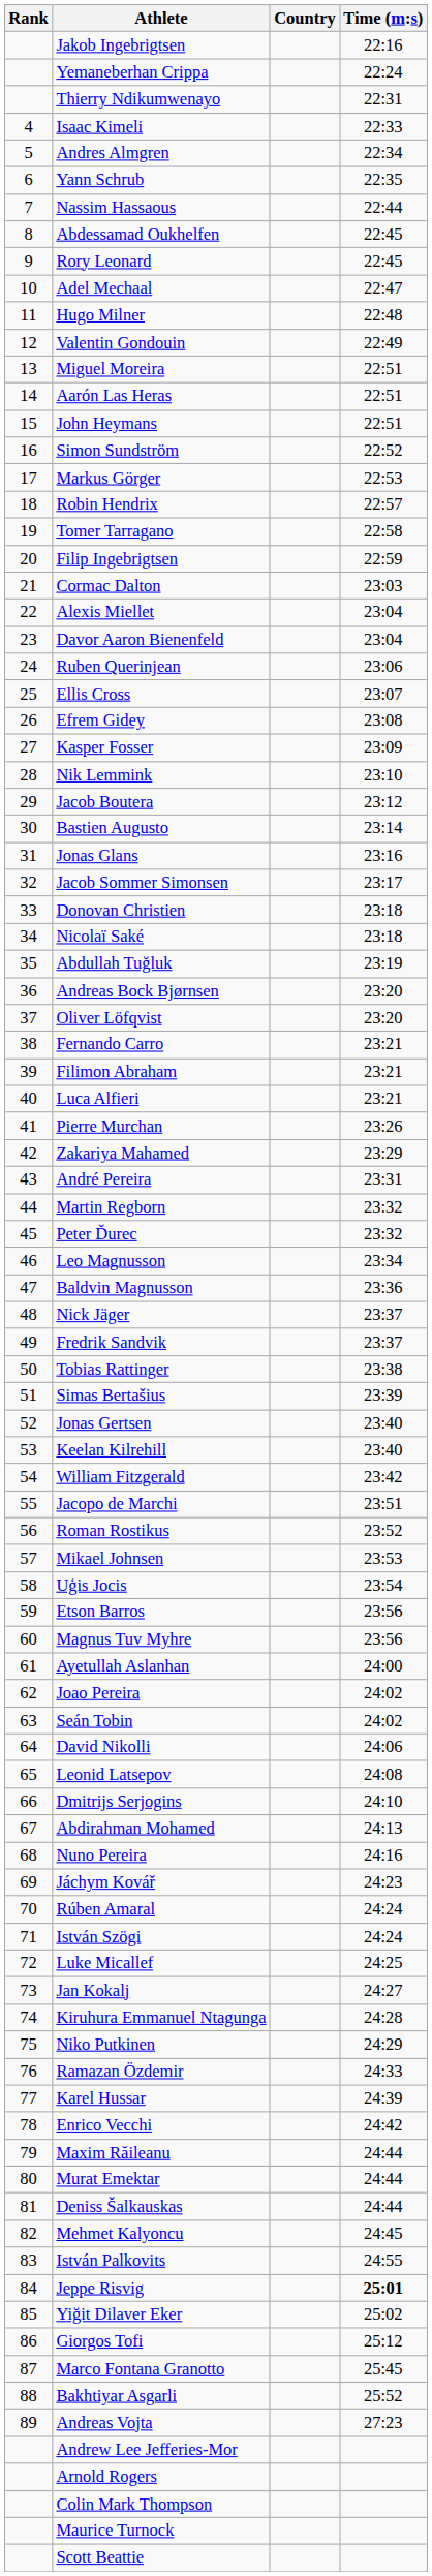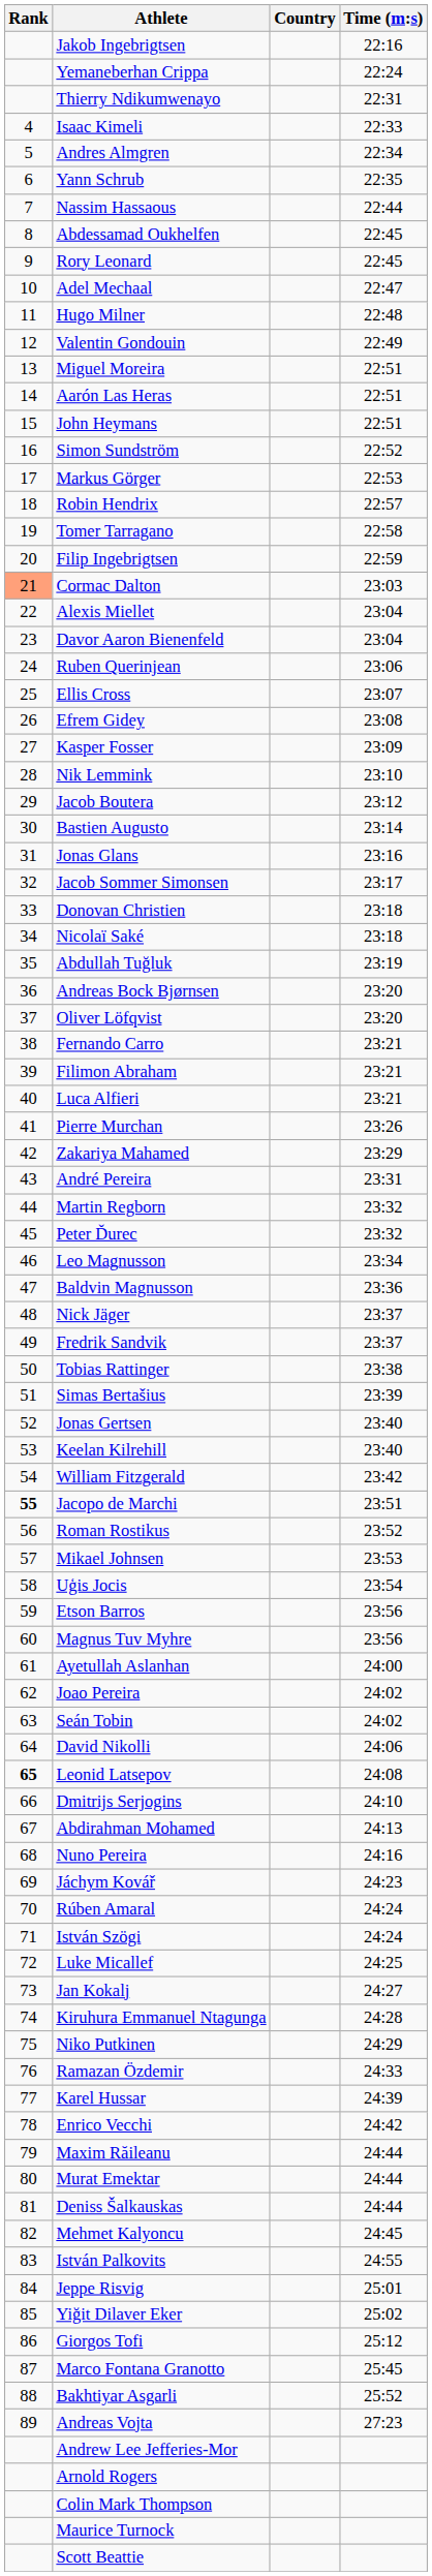 <table class="wikitable sortable" style="text-align:center">
 <tr>
 <th>Rank</th>
 <th>Athlete</th>
 <th>Country</th>
 <th>Time (<a href='#'>m</a>:<a href='#'>s</a>)</th>
 </tr>
 <tr>
 <td></td>
 <td align=left><a href='#'>Jakob Ingebrigtsen</a></td>
 <td align=left></td>
 <td>22:16</td>
 </tr>
 <tr>
 <td></td>
 <td align=left><a href='#'>Yemaneberhan Crippa</a></td>
 <td align=left></td>
 <td>22:24</td>
 </tr>
 <tr>
 <td></td>
 <td align=left><a href='#'>Thierry Ndikumwenayo</a></td>
 <td align=left></td>
 <td>22:31</td>
 </tr>
 <tr>
 <td>4</td>
 <td align=left><a href='#'>Isaac Kimeli</a></td>
 <td align=left></td>
 <td>22:33</td>
 </tr>
 <tr>
 <td>5</td>
 <td align=left><a href='#'>Andres Almgren</a></td>
 <td align=left></td>
 <td>22:34</td>
 </tr>
 <tr>
 <td>6</td>
 <td align=left><a href='#'>Yann Schrub</a></td>
 <td align=left></td>
 <td>22:35</td>
 </tr>
 <tr>
 <td>7</td>
 <td align=left><a href='#'>Nassim Hassaous</a></td>
 <td align=left></td>
 <td>22:44</td>
 </tr>
 <tr>
 <td>8</td>
 <td align=left><a href='#'>Abdessamad Oukhelfen</a></td>
 <td align=left></td>
 <td>22:45</td>
 </tr>
 <tr>
 <td>9</td>
 <td align=left><a href='#'>Rory Leonard</a></td>
 <td align=left></td>
 <td>22:45</td>
 </tr>
 <tr>
 <td>10</td>
 <td align=left><a href='#'>Adel Mechaal</a></td>
 <td align=left></td>
 <td>22:47</td>
 </tr>
 <tr>
 <td>11</td>
 <td align=left><a href='#'>Hugo Milner</a></td>
 <td align=left></td>
 <td>22:48</td>
 </tr>
 <tr>
 <td>12</td>
 <td align=left><a href='#'>Valentin Gondouin</a></td>
 <td align=left></td>
 <td>22:49</td>
 </tr>
 <tr>
 <td>13</td>
 <td align=left><a href='#'>Miguel Moreira</a></td>
 <td align=left></td>
 <td>22:51</td>
 </tr>
 <tr>
 <td>14</td>
 <td align=left><a href='#'>Aarón Las Heras</a></td>
 <td align=left></td>
 <td>22:51</td>
 </tr>
 <tr>
 <td>15</td>
 <td align=left><a href='#'>John Heymans</a></td>
 <td align=left></td>
 <td>22:51</td>
 </tr>
 <tr>
 <td>16</td>
 <td align=left><a href='#'>Simon Sundström</a></td>
 <td align=left></td>
 <td>22:52</td>
 </tr>
 <tr>
 <td>17</td>
 <td align=left><a href='#'>Markus Görger</a></td>
 <td align=left></td>
 <td>22:53</td>
 </tr>
 <tr>
 <td>18</td>
 <td align=left><a href='#'>Robin Hendrix</a></td>
 <td align=left></td>
 <td>22:57</td>
 </tr>
 <tr>
 <td>19</td>
 <td align=left><a href='#'>Tomer Tarragano</a></td>
 <td align=left></td>
 <td>22:58</td>
 </tr>
 <tr>
 <td>20</td>
 <td align=left><a href='#'>Filip Ingebrigtsen</a></td>
 <td align=left></td>
 <td>22:59</td>
 </tr>
 <tr>
-<td>21</td>
+<td style="background: lightsalmon;">21</td>
 <td align=left><a href='#'>Cormac Dalton</a></td>
 <td align=left></td>
 <td>23:03</td>
 </tr>
 <tr>
 <td>22</td>
 <td align=left><a href='#'>Alexis Miellet</a></td>
 <td align=left></td>
 <td>23:04</td>
 </tr>
 <tr>
 <td>23</td>
 <td align=left><a href='#'>Davor Aaron Bienenfeld</a></td>
 <td align=left></td>
 <td>23:04</td>
 </tr>
 <tr>
 <td>24</td>
 <td align=left><a href='#'>Ruben Querinjean</a></td>
 <td align=left></td>
 <td>23:06</td>
 </tr>
 <tr>
 <td>25</td>
 <td align=left><a href='#'>Ellis Cross</a></td>
 <td align=left></td>
 <td>23:07</td>
 </tr>
 <tr>
 <td>26</td>
 <td align=left><a href='#'>Efrem Gidey</a></td>
 <td align=left></td>
 <td>23:08</td>
 </tr>
 <tr>
 <td>27</td>
 <td align=left><a href='#'>Kasper Fosser</a></td>
 <td align=left></td>
 <td>23:09</td>
 </tr>
 <tr>
 <td>28</td>
 <td align=left><a href='#'>Nik Lemmink</a></td>
 <td align=left></td>
 <td>23:10</td>
 </tr>
 <tr>
 <td>29</td>
 <td align=left><a href='#'>Jacob Boutera</a></td>
 <td align=left></td>
 <td>23:12</td>
 </tr>
 <tr>
 <td>30</td>
 <td align=left><a href='#'>Bastien Augusto</a></td>
 <td align=left></td>
 <td>23:14</td>
 </tr>
 <tr>
 <td>31</td>
 <td align=left><a href='#'>Jonas Glans</a></td>
 <td align=left></td>
 <td>23:16</td>
 </tr>
 <tr>
 <td>32</td>
 <td align=left><a href='#'>Jacob Sommer Simonsen</a></td>
 <td align=left></td>
 <td>23:17</td>
 </tr>
 <tr>
 <td>33</td>
 <td align=left><a href='#'>Donovan Christien</a></td>
 <td align=left></td>
 <td>23:18</td>
 </tr>
 <tr>
 <td>34</td>
 <td align=left><a href='#'>Nicolaï Saké</a></td>
 <td align=left></td>
 <td>23:18</td>
 </tr>
 <tr>
 <td>35</td>
 <td align=left><a href='#'>Abdullah Tuğluk</a></td>
 <td align=left></td>
 <td>23:19</td>
 </tr>
 <tr>
 <td>36</td>
 <td align=left><a href='#'>Andreas Bock Bjørnsen</a></td>
 <td align=left></td>
 <td>23:20</td>
 </tr>
 <tr>
 <td>37</td>
 <td align=left><a href='#'>Oliver Löfqvist</a></td>
 <td align=left></td>
 <td>23:20</td>
 </tr>
 <tr>
 <td>38</td>
 <td align=left><a href='#'>Fernando Carro</a></td>
 <td align=left></td>
 <td>23:21</td>
 </tr>
 <tr>
 <td>39</td>
 <td align=left><a href='#'>Filimon Abraham</a></td>
 <td align=left></td>
 <td>23:21</td>
 </tr>
 <tr>
 <td>40</td>
 <td align=left><a href='#'>Luca Alfieri</a></td>
 <td align=left></td>
 <td>23:21</td>
 </tr>
 <tr>
 <td>41</td>
 <td align=left><a href='#'>Pierre Murchan</a></td>
 <td align=left></td>
 <td>23:26</td>
 </tr>
 <tr>
 <td>42</td>
 <td align=left><a href='#'>Zakariya Mahamed</a></td>
 <td align=left></td>
 <td>23:29</td>
 </tr>
 <tr>
 <td>43</td>
 <td align=left><a href='#'>André Pereira</a></td>
 <td align=left></td>
 <td>23:31</td>
 </tr>
 <tr>
 <td>44</td>
 <td align=left><a href='#'>Martin Regborn</a></td>
 <td align=left></td>
 <td>23:32</td>
 </tr>
 <tr>
 <td>45</td>
 <td align=left><a href='#'>Peter Ďurec</a></td>
 <td align=left></td>
 <td>23:32</td>
 </tr>
 <tr>
 <td>46</td>
 <td align=left><a href='#'>Leo Magnusson</a></td>
 <td align=left></td>
 <td>23:34</td>
 </tr>
 <tr>
 <td>47</td>
 <td align=left><a href='#'>Baldvin Magnusson</a></td>
 <td align=left></td>
 <td>23:36</td>
 </tr>
 <tr>
 <td>48</td>
 <td align=left><a href='#'>Nick Jäger</a></td>
 <td align=left></td>
 <td>23:37</td>
 </tr>
 <tr>
 <td>49</td>
 <td align=left><a href='#'>Fredrik Sandvik</a></td>
 <td align=left></td>
 <td>23:37</td>
 </tr>
 <tr>
 <td>50</td>
 <td align=left><a href='#'>Tobias Rattinger</a></td>
 <td align=left></td>
 <td>23:38</td>
 </tr>
 <tr>
 <td>51</td>
 <td align=left><a href='#'>Simas Bertašius</a></td>
 <td align=left></td>
 <td>23:39</td>
 </tr>
 <tr>
 <td>52</td>
 <td align=left><a href='#'>Jonas Gertsen</a></td>
 <td align=left></td>
 <td>23:40</td>
 </tr>
 <tr>
 <td>53</td>
 <td align=left><a href='#'>Keelan Kilrehill</a></td>
 <td align=left></td>
 <td>23:40</td>
 </tr>
 <tr>
 <td>54</td>
 <td align=left><a href='#'>William Fitzgerald</a></td>
 <td align=left></td>
 <td>23:42</td>
 </tr>
 <tr>
-<td>55</td>
+<td><strong>55</strong></td>
 <td align=left><a href='#'>Jacopo de Marchi</a></td>
 <td align=left></td>
 <td>23:51</td>
 </tr>
 <tr>
 <td>56</td>
 <td align=left><a href='#'>Roman Rostikus</a></td>
 <td align=left></td>
 <td>23:52</td>
 </tr>
 <tr>
 <td>57</td>
 <td align=left><a href='#'>Mikael Johnsen</a></td>
 <td align=left></td>
 <td>23:53</td>
 </tr>
 <tr>
 <td>58</td>
 <td align=left><a href='#'>Uģis Jocis</a></td>
 <td align=left></td>
 <td>23:54</td>
 </tr>
 <tr>
 <td>59</td>
 <td align=left><a href='#'>Etson Barros</a></td>
 <td align=left></td>
 <td>23:56</td>
 </tr>
 <tr>
 <td>60</td>
 <td align=left><a href='#'>Magnus Tuv Myhre</a></td>
 <td align=left></td>
 <td>23:56</td>
 </tr>
 <tr>
 <td>61</td>
 <td align=left><a href='#'>Ayetullah Aslanhan</a></td>
 <td align=left></td>
 <td>24:00</td>
 </tr>
 <tr>
 <td>62</td>
 <td align=left><a href='#'>Joao Pereira</a></td>
 <td align=left></td>
 <td>24:02</td>
 </tr>
 <tr>
 <td>63</td>
 <td align=left><a href='#'>Seán Tobin</a></td>
 <td align=left></td>
 <td>24:02</td>
 </tr>
 <tr>
 <td>64</td>
 <td align=left><a href='#'>David Nikolli</a></td>
 <td align=left></td>
 <td>24:06</td>
 </tr>
 <tr>
-<td>65</td>
+<td><strong>65</strong></td>
 <td align=left><a href='#'>Leonid Latsepov</a></td>
 <td align=left></td>
 <td>24:08</td>
 </tr>
 <tr>
 <td>66</td>
 <td align=left><a href='#'>Dmitrijs Serjogins</a></td>
 <td align=left></td>
 <td>24:10</td>
 </tr>
 <tr>
 <td>67</td>
 <td align=left><a href='#'>Abdirahman Mohamed</a></td>
 <td align=left></td>
 <td>24:13</td>
 </tr>
 <tr>
 <td>68</td>
 <td align=left><a href='#'>Nuno Pereira</a></td>
 <td align=left></td>
 <td>24:16</td>
 </tr>
 <tr>
 <td>69</td>
 <td align=left><a href='#'>Jáchym Kovář</a></td>
 <td align=left></td>
 <td>24:23</td>
 </tr>
 <tr>
 <td>70</td>
 <td align=left><a href='#'>Rúben Amaral</a></td>
 <td align=left></td>
 <td>24:24</td>
 </tr>
 <tr>
 <td>71</td>
 <td align=left><a href='#'>István Szögi</a></td>
 <td align=left></td>
 <td>24:24</td>
 </tr>
 <tr>
 <td>72</td>
 <td align=left><a href='#'>Luke Micallef</a></td>
 <td align=left></td>
 <td>24:25</td>
 </tr>
 <tr>
 <td>73</td>
 <td align=left><a href='#'>Jan Kokalj</a></td>
 <td align=left></td>
 <td>24:27</td>
 </tr>
 <tr>
 <td>74</td>
 <td align=left><a href='#'>Kiruhura Emmanuel Ntagunga</a></td>
 <td align=left></td>
 <td>24:28</td>
 </tr>
 <tr>
 <td>75</td>
 <td align=left><a href='#'>Niko Putkinen</a></td>
 <td align=left></td>
 <td>24:29</td>
 </tr>
 <tr>
 <td>76</td>
 <td align=left><a href='#'>Ramazan Özdemir</a></td>
 <td align=left></td>
 <td>24:33</td>
 </tr>
 <tr>
 <td>77</td>
 <td align=left><a href='#'>Karel Hussar</a></td>
 <td align=left></td>
 <td>24:39</td>
 </tr>
 <tr>
 <td>78</td>
 <td align=left><a href='#'>Enrico Vecchi</a></td>
 <td align=left></td>
 <td>24:42</td>
 </tr>
 <tr>
 <td>79</td>
 <td align=left><a href='#'>Maxim Răileanu</a></td>
 <td align=left></td>
 <td>24:44</td>
 </tr>
 <tr>
 <td>80</td>
 <td align=left><a href='#'>Murat Emektar</a></td>
 <td align=left></td>
 <td>24:44</td>
 </tr>
 <tr>
 <td>81</td>
 <td align=left><a href='#'>Deniss Šalkauskas</a></td>
 <td align=left></td>
 <td>24:44</td>
 </tr>
 <tr>
 <td>82</td>
 <td align=left><a href='#'>Mehmet Kalyoncu</a></td>
 <td align=left></td>
 <td>24:45</td>
 </tr>
 <tr>
 <td>83</td>
 <td align=left><a href='#'>István Palkovits</a></td>
 <td align=left></td>
 <td>24:55</td>
 </tr>
 <tr>
 <td>84</td>
 <td align=left><a href='#'>Jeppe Risvig</a></td>
 <td align=left></td>
-<td><strong>25:01</strong></td>
+<td>25:01</td>
 </tr>
 <tr>
 <td>85</td>
 <td align=left><a href='#'>Yiğit Dilaver Eker</a></td>
 <td align=left></td>
 <td>25:02</td>
 </tr>
 <tr>
 <td>86</td>
 <td align=left><a href='#'>Giorgos Tofi</a></td>
 <td align=left></td>
 <td>25:12</td>
 </tr>
 <tr>
 <td>87</td>
 <td align=left><a href='#'>Marco Fontana Granotto</a></td>
 <td align=left></td>
 <td>25:45</td>
 </tr>
 <tr>
 <td>88</td>
 <td align=left><a href='#'>Bakhtiyar Asgarli</a></td>
 <td align=left></td>
 <td>25:52</td>
 </tr>
 <tr>
 <td>89</td>
 <td align=left><a href='#'>Andreas Vojta</a></td>
 <td align=left></td>
 <td>27:23</td>
 </tr>
 <tr>
 <td></td>
 <td align=left><a href='#'>Andrew Lee Jefferies-Mor</a></td>
 <td align=left></td>
 <td></td>
 </tr>
 <tr>
 <td></td>
 <td align=left><a href='#'>Arnold Rogers</a></td>
 <td align=left></td>
 <td></td>
 </tr>
 <tr>
 <td></td>
 <td align=left><a href='#'>Colin Mark Thompson</a></td>
 <td align=left></td>
 <td></td>
 </tr>
 <tr>
 <td></td>
 <td align=left><a href='#'>Maurice Turnock</a></td>
 <td align=left></td>
 <td></td>
 </tr>
 <tr>
 <td></td>
 <td align=left><a href='#'>Scott Beattie</a></td>
 <td align=left></td>
 <td></td>
 </tr>
 </table>
